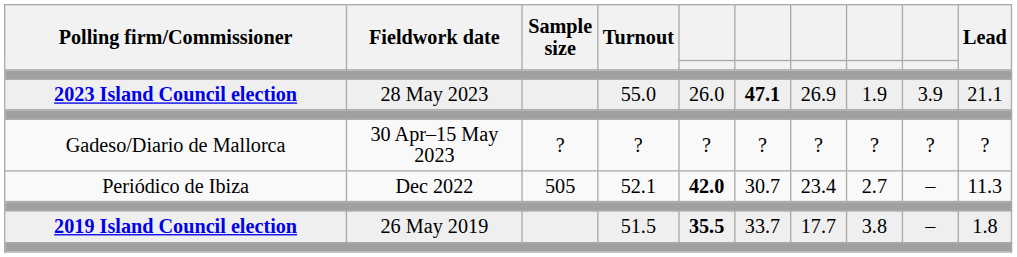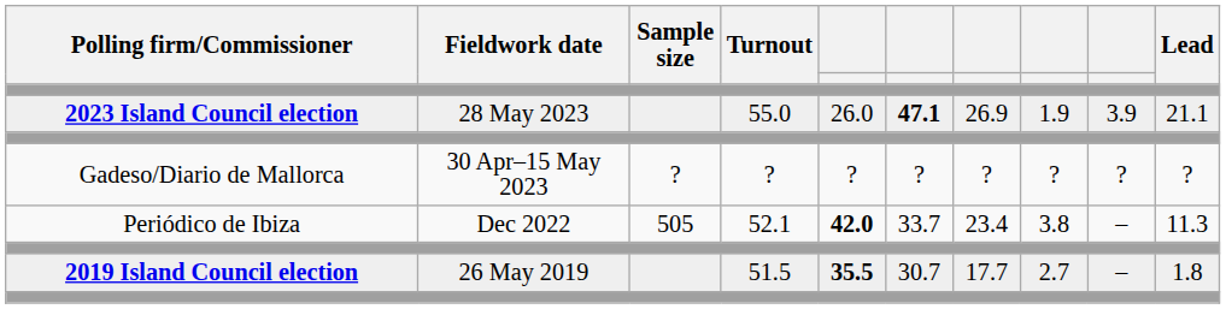 <table class="wikitable collapsible collapsed" style="text-align:center; font-size:95%; line-height:16px;">
 <tr style="height:42px;">
 <th style="width:250px;" rowspan="2">Polling firm/Commissioner</th>
 <th style="width:125px;" rowspan="2">Fieldwork date</th>
 <th style="width:50px;" rowspan="2">Sample size</th>
 <th style="width:45px;" rowspan="2">Turnout</th>
 <th style="width:35px;"></th>
 <th style="width:35px;"></th>
 <th style="width:35px;"></th>
 <th style="width:35px;"></th>
 <th style="width:35px;"></th>
 <th style="width:30px;" rowspan="2">Lead</th>
 </tr>
 <tr>
 <th style="color:inherit;background:"></th>
 <th style="color:inherit;background:"></th>
 <th style="color:inherit;background:"></th>
 <th style="color:inherit;background:"></th>
 <th style="color:inherit;background:"></th>
 </tr>
 <tr>
 <td colspan="10" style="background:#A0A0A0"></td>
 </tr>
 <tr style="background:#EFEFEF;">
 <td><strong><a href='#'>2023 Island Council election</a></strong></td>
 <td>28 May 2023</td>
 <td></td>
 <td>55.0</td>
 <td>26.0<br></td>
 <td><strong>47.1</strong><br></td>
 <td>26.9<br></td>
 <td>1.9<br></td>
 <td>3.9<br></td>
 <td style="background:">21.1</td>
 </tr>
 <tr>
 <td colspan="10" style="background:#A0A0A0"></td>
 </tr>
 <tr>
 <td>Gadeso/Diario de Mallorca</td>
 <td>30 Apr–15 May 2023</td>
 <td>?</td>
 <td>?</td>
 <td>?<br></td>
 <td>?<br></td>
 <td>?<br></td>
 <td>?<br></td>
 <td>?<br></td>
 <td style="background:">?</td>
 </tr>
 <tr>
 <td>Periódico de Ibiza</td>
 <td>Dec 2022</td>
 <td>505</td>
 <td>52.1</td>
 <td><strong>42.0</strong><br></td>
-<td>30.7<br></td>
+<td>33.7<br></td>
 <td>23.4<br></td>
-<td>2.7<br></td>
+<td>3.8<br></td>
 <td>–</td>
 <td style="background:">11.3</td>
 </tr>
 <tr>
 <td colspan="10" style="background:#A0A0A0"></td>
 </tr>
 <tr style="background:#EFEFEF;">
 <td><strong><a href='#'>2019 Island Council election</a></strong></td>
 <td>26 May 2019</td>
 <td></td>
 <td>51.5</td>
 <td><strong>35.5</strong><br></td>
-<td>33.7<br></td>
+<td>30.7<br></td>
 <td>17.7<br></td>
-<td>3.8<br></td>
+<td>2.7<br></td>
 <td>–</td>
 <td style="background:">1.8</td>
 </tr>
 <tr>
 <td colspan="10" style="background:#A0A0A0"></td>
 </tr>
 </table>
